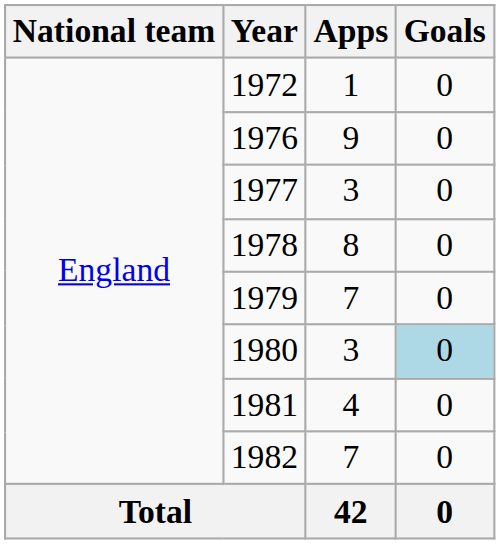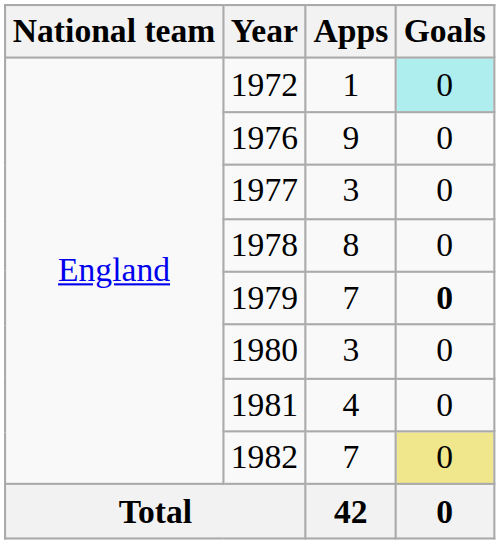 <table class="wikitable" style="text-align:center">
 <tr>
 <th>National team</th>
 <th>Year</th>
 <th>Apps</th>
 <th>Goals</th>
 </tr>
 <tr>
 <td rowspan="8"><a href='#'>England</a></td>
 <td>1972</td>
 <td>1</td>
-<td>0</td>
+<td style="background: paleturquoise;">0</td>
 </tr>
 <tr>
 <td>1976</td>
 <td>9</td>
 <td>0</td>
 </tr>
 <tr>
 <td>1977</td>
 <td>3</td>
 <td>0</td>
 </tr>
 <tr>
 <td>1978</td>
 <td>8</td>
 <td>0</td>
 </tr>
 <tr>
 <td>1979</td>
 <td>7</td>
-<td>0</td>
+<td><strong>0</strong></td>
 </tr>
 <tr>
 <td>1980</td>
 <td>3</td>
-<td style="background: lightblue;">0</td>
+<td>0</td>
 </tr>
 <tr>
 <td>1981</td>
 <td>4</td>
 <td>0</td>
 </tr>
 <tr>
 <td>1982</td>
 <td>7</td>
-<td>0</td>
+<td style="background: khaki;">0</td>
 </tr>
 <tr>
 <th colspan="2">Total</th>
 <th>42</th>
 <th>0</th>
 </tr>
 </table>
